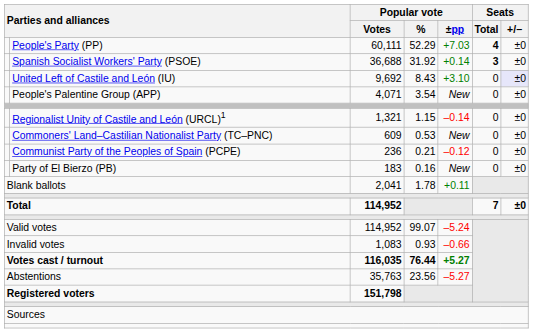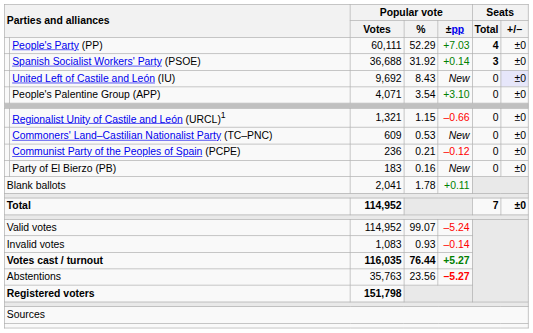 <table class="wikitable" style="text-align:right;">
 <tr>
 <th style="text-align:left;" rowspan="2" colspan="2" width="525">Parties and alliances</th>
 <th colspan="3">Popular vote</th>
 <th colspan="2">Seats</th>
 </tr>
 <tr>
 <th width="75">Votes</th>
 <th width="45">%</th>
 <th width="45">±<a href='#'>pp</a></th>
 <th width="35">Total</th>
 <th width="35">+/−</th>
 </tr>
 <tr>
 <td width="1" style="color:inherit;background:"></td>
 <td align="left"><a href='#'>People's Party</a> (PP)</td>
 <td>60,111</td>
 <td>52.29</td>
 <td style="color:green;">+7.03</td>
 <td><strong>4</strong></td>
 <td>±0</td>
 </tr>
 <tr>
 <td style="color:inherit;background:"></td>
 <td align="left"><a href='#'>Spanish Socialist Workers' Party</a> (PSOE)</td>
 <td>36,688</td>
 <td>31.92</td>
 <td style="color:green;">+0.14</td>
 <td><strong>3</strong></td>
 <td>±0</td>
 </tr>
 <tr>
 <td style="color:inherit;background:"></td>
 <td align="left"><a href='#'>United Left of Castile and León</a> (IU)</td>
 <td>9,692</td>
 <td>8.43</td>
-<td style="color:green;">+3.10</td>
+<td><em>New</em></td>
 <td>0</td>
 <td style="background: lavender;">±0</td>
 </tr>
 <tr>
 <td style="color:inherit;background:"></td>
 <td align="left">People's Palentine Group (APP)</td>
 <td>4,071</td>
 <td>3.54</td>
-<td><em>New</em></td>
+<td style="color:green;">+3.10</td>
 <td>0</td>
 <td>±0</td>
 </tr>
 <tr>
 <td colspan="7" bgcolor="#C0C0C0"></td>
 </tr>
 <tr>
 <td style="color:inherit;background:"></td>
 <td align="left"><a href='#'>Regionalist Unity of Castile and León</a> (URCL)<sup>1</sup></td>
 <td>1,321</td>
 <td>1.15</td>
-<td style="color:red;">–0.14</td>
+<td style="color:red;">–0.66</td>
 <td>0</td>
 <td>±0</td>
 </tr>
 <tr>
 <td style="color:inherit;background:"></td>
 <td align="left"><a href='#'>Commoners' Land–Castilian Nationalist Party</a> (TC–PNC)</td>
 <td>609</td>
 <td>0.53</td>
 <td><em>New</em></td>
 <td>0</td>
 <td>±0</td>
 </tr>
 <tr>
 <td style="color:inherit;background:"></td>
 <td align="left"><a href='#'>Communist Party of the Peoples of Spain</a> (PCPE)</td>
 <td>236</td>
 <td>0.21</td>
 <td style="color:red;">–0.12</td>
 <td>0</td>
 <td>±0</td>
 </tr>
 <tr>
 <td style="color:inherit;background:"></td>
 <td align="left">Party of El Bierzo (PB)</td>
 <td>183</td>
 <td>0.16</td>
 <td><em>New</em></td>
 <td>0</td>
 <td>±0</td>
 </tr>
 <tr>
 <td align="left" colspan="2">Blank ballots</td>
 <td>2,041</td>
 <td>1.78</td>
 <td style="color:green;">+0.11</td>
 <td bgcolor="#E9E9E9" colspan="2"></td>
 </tr>
 <tr>
 <td colspan="7" bgcolor="#E9E9E9"></td>
 </tr>
 <tr style="font-weight:bold;">
 <td align="left" colspan="2">Total</td>
 <td>114,952</td>
 <td bgcolor="#E9E9E9" colspan="2"></td>
 <td>7</td>
 <td>±0</td>
 </tr>
 <tr>
 <td colspan="7" bgcolor="#E9E9E9"></td>
 </tr>
 <tr>
 <td align="left" colspan="2">Valid votes</td>
 <td>114,952</td>
 <td>99.07</td>
 <td style="color:red;">–5.24</td>
 <td bgcolor="#E9E9E9" colspan="2" rowspan="5"></td>
 </tr>
 <tr>
 <td align="left" colspan="2">Invalid votes</td>
 <td>1,083</td>
 <td>0.93</td>
-<td style="color:red;">–0.66</td>
+<td style="color:red;">–0.14</td>
 </tr>
 <tr style="font-weight:bold;">
 <td align="left" colspan="2">Votes cast / turnout</td>
 <td>116,035</td>
 <td>76.44</td>
 <td style="color:green;">+5.27</td>
 </tr>
 <tr>
 <td align="left" colspan="2">Abstentions</td>
 <td>35,763</td>
 <td>23.56</td>
-<td style="color:red;">–5.27</td>
+<td style="color:red;"><strong>–5.27</strong></td>
 </tr>
 <tr style="font-weight:bold;">
 <td align="left" colspan="2">Registered voters</td>
 <td>151,798</td>
 <td bgcolor="#E9E9E9" colspan="2"></td>
 </tr>
 <tr>
 <td colspan="7" bgcolor="#E9E9E9"></td>
 </tr>
 <tr>
 <td align="left" colspan="7">Sources</td>
 </tr>
 <tr>
 <td colspan="7" style="text-align:left; max-width:790px;"></td>
 </tr>
 </table>
